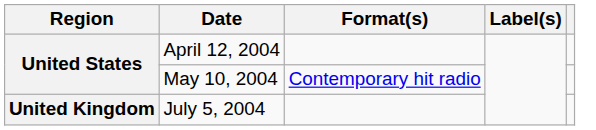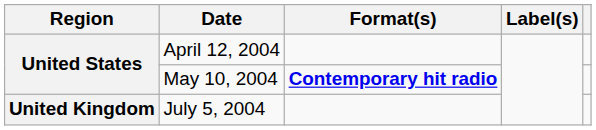 <table class="wikitable plainrowheaders">
 <tr>
 <th scope="col">Region</th>
 <th scope="col">Date</th>
 <th scope="col">Format(s)</th>
 <th scope="col">Label(s)</th>
 <th scope="col"></th>
 </tr>
 <tr>
 <th scope="row" rowspan="2">United States</th>
 <td>April 12, 2004</td>
 <td></td>
 <td rowspan="3"></td>
 <td></td>
 </tr>
 <tr>
 <td>May 10, 2004</td>
-<td><a href='#'>Contemporary hit radio</a></td>
+<td><strong><a href='#'>Contemporary hit radio</a></strong></td>
 <td></td>
 </tr>
 <tr>
 <th scope="row">United Kingdom</th>
 <td>July 5, 2004</td>
 <td></td>
 <td></td>
 </tr>
 </table>
